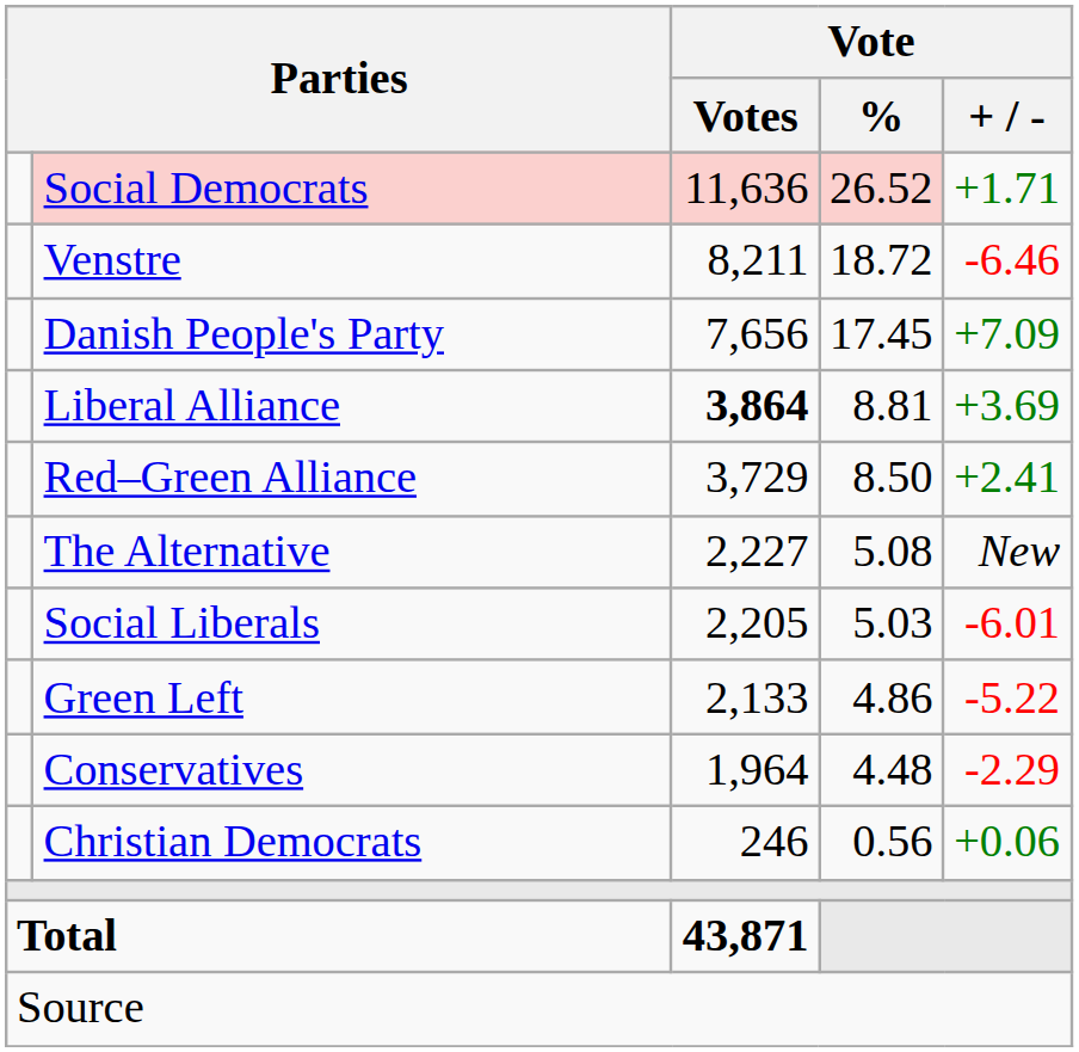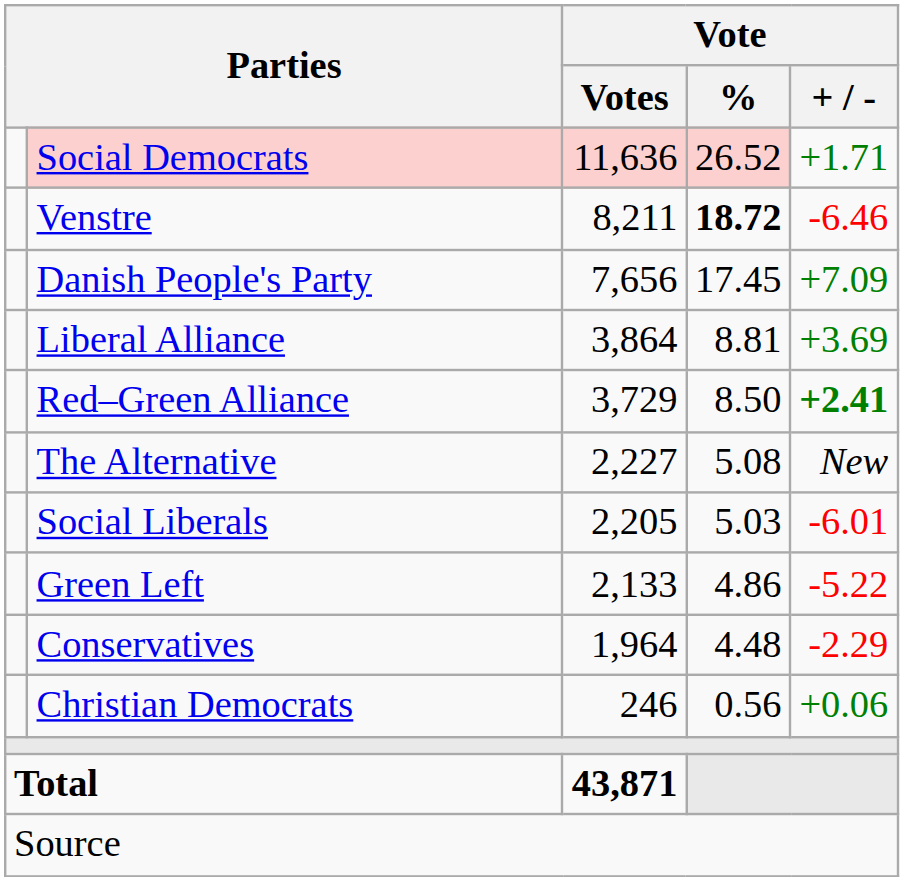 <table class="wikitable" style="text-align:right;">
 <tr>
 <th style="text-align:centre;" rowspan="2" colspan="2" width="225">Parties</th>
 <th colspan="3">Vote</th>
 </tr>
 <tr>
 <th width="15">Votes</th>
 <th width="15">%</th>
 <th width="15">+ / -</th>
 </tr>
 <tr>
 <td width="2" style="color:inherit;background:"></td>
 <td bgcolor=#fbd0ce  align="left"><a href='#'>Social Democrats</a></td>
 <td bgcolor=#fbd0ce>11,636</td>
 <td bgcolor=#fbd0ce>26.52</td>
 <td style=color:green;>+1.71</td>
 </tr>
 <tr>
 <td width="2" style="color:inherit;background:"></td>
 <td align="left"><a href='#'>Venstre</a></td>
 <td>8,211</td>
-<td>18.72</td>
+<td><strong>18.72</strong></td>
 <td style=color:red;>-6.46</td>
 </tr>
 <tr>
 <td width="2" style="color:inherit;background:"></td>
 <td align="left"><a href='#'>Danish People's Party</a></td>
 <td>7,656</td>
 <td>17.45</td>
 <td style=color:green;>+7.09</td>
 </tr>
 <tr>
 <td width="2" style="color:inherit;background:"></td>
 <td align="left"><a href='#'>Liberal Alliance</a></td>
-<td><strong>3,864</strong></td>
+<td>3,864</td>
 <td>8.81</td>
 <td style=color:green;>+3.69</td>
 </tr>
 <tr>
 <td width="2" style="color:inherit;background:"></td>
 <td align="left"><a href='#'>Red–Green Alliance</a></td>
 <td>3,729</td>
 <td>8.50</td>
-<td style=color:green;>+2.41</td>
+<td style=color:green;><strong>+2.41</strong></td>
 </tr>
 <tr>
 <td width="2" style="color:inherit;background:"></td>
 <td align="left"><a href='#'>The Alternative</a></td>
 <td>2,227</td>
 <td>5.08</td>
 <td><em>New</em></td>
 </tr>
 <tr>
 <td width="2" style="color:inherit;background:"></td>
 <td align="left"><a href='#'>Social Liberals</a></td>
 <td>2,205</td>
 <td>5.03</td>
 <td style=color:red;>-6.01</td>
 </tr>
 <tr>
 <td width="2" style="color:inherit;background:"></td>
 <td align="left"><a href='#'>Green Left</a></td>
 <td>2,133</td>
 <td>4.86</td>
 <td style=color:red;>-5.22</td>
 </tr>
 <tr>
 <td width="2" style="color:inherit;background:"></td>
 <td align="left"><a href='#'>Conservatives</a></td>
 <td>1,964</td>
 <td>4.48</td>
 <td style=color:red;>-2.29</td>
 </tr>
 <tr>
 <td width="2" style="color:inherit;background:"></td>
 <td align="left"><a href='#'>Christian Democrats</a></td>
 <td>246</td>
 <td>0.56</td>
 <td style=color:green;>+0.06</td>
 </tr>
 <tr>
 <td colspan="7" bgcolor="#E9E9E9"></td>
 </tr>
 <tr>
 <td align="left" colspan="2"><strong>Total</strong></td>
 <td><strong>43,871</strong></td>
 <td bgcolor="#E9E9E9" colspan="2"></td>
 </tr>
 <tr>
 <td align="left" colspan="6">Source</td>
 </tr>
 </table>
